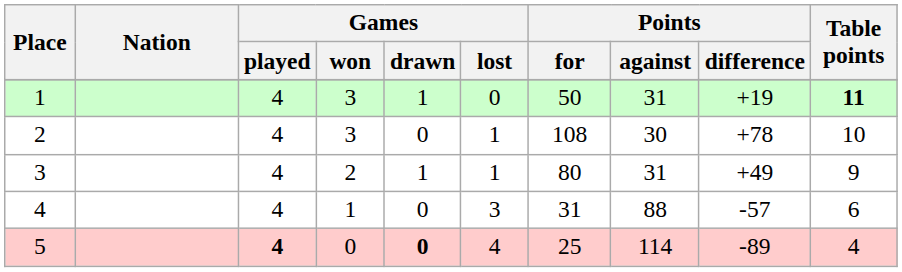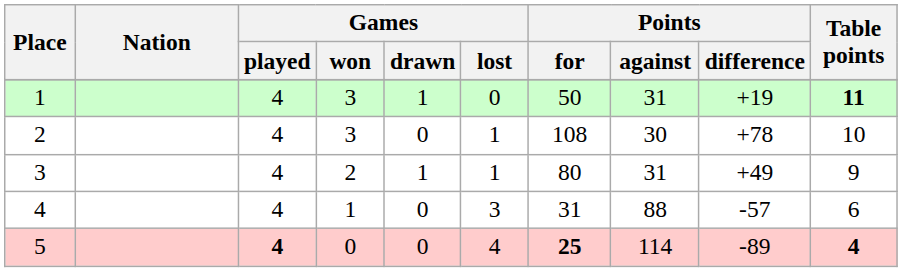 <table class="wikitable">
 <tr>
 <th rowspan=2 width="8%">Place</th>
 <th rowspan=2 width="20%">Nation</th>
 <th colspan=4 width="32%">Games</th>
 <th colspan=3 width="30%">Points</th>
 <th rowspan=2 width="10%">Table<br>points</th>
 </tr>
 <tr>
 <th width="8%">played</th>
 <th width="8%">won</th>
 <th width="8%">drawn</th>
 <th width="8%">lost</th>
 <th width="10%">for</th>
 <th width="10%">against</th>
 <th width="10%">difference</th>
 </tr>
 <tr>
 </tr>
 <tr bgcolor=#ccffcc align=center>
 <td>1</td>
 <td align=left><strong></strong></td>
 <td>4</td>
 <td>3</td>
 <td>1</td>
 <td>0</td>
 <td>50</td>
 <td>31</td>
 <td>+19</td>
 <td><strong>11</strong></td>
 </tr>
 <tr bgcolor=#ffffff align=center>
 <td>2</td>
 <td align=left></td>
 <td>4</td>
 <td>3</td>
 <td>0</td>
 <td>1</td>
 <td>108</td>
 <td>30</td>
 <td>+78</td>
 <td>10</td>
 </tr>
 <tr bgcolor=#ffffff align=center>
 <td>3</td>
 <td align=left></td>
 <td>4</td>
 <td>2</td>
 <td>1</td>
 <td>1</td>
 <td>80</td>
 <td>31</td>
 <td>+49</td>
 <td>9</td>
 </tr>
 <tr bgcolor=#ffffff align=center>
 <td>4</td>
 <td align=left></td>
 <td>4</td>
 <td>1</td>
 <td>0</td>
 <td>3</td>
 <td>31</td>
 <td>88</td>
 <td>-57</td>
 <td>6</td>
 </tr>
 <tr bgcolor=#ffcccc align=center>
 <td>5</td>
 <td align=left><em></em></td>
 <td><strong>4</strong></td>
 <td>0</td>
-<td><strong>0</strong></td>
+<td>0</td>
 <td>4</td>
-<td>25</td>
+<td><strong>25</strong></td>
 <td>114</td>
 <td>-89</td>
-<td>4</td>
+<td><strong>4</strong></td>
 </tr>
 </table>
